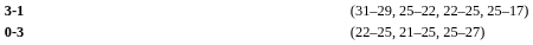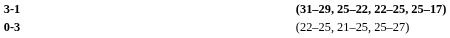 <table width=100% cellspacing=1>
 <tr>
 <th width=20%></th>
 <th width=12%></th>
 <th width=20%></th>
 <th width=33%></th>
 <td></td>
 </tr>
 <tr style=font-size:90%>
 <td align=right></td>
 <td align=center><strong>3-1</strong></td>
 <td></td>
-<td>(31–29, 25–22, 22–25, 25–17)</td>
+<td><strong>(31–29, 25–22, 22–25, 25–17)</strong></td>
 <td></td>
 </tr>
 <tr style=font-size:90%>
 <td align=right></td>
 <td align=center><strong>0-3</strong></td>
 <td></td>
 <td>(22–25, 21–25, 25–27)</td>
 </tr>
 </table>
